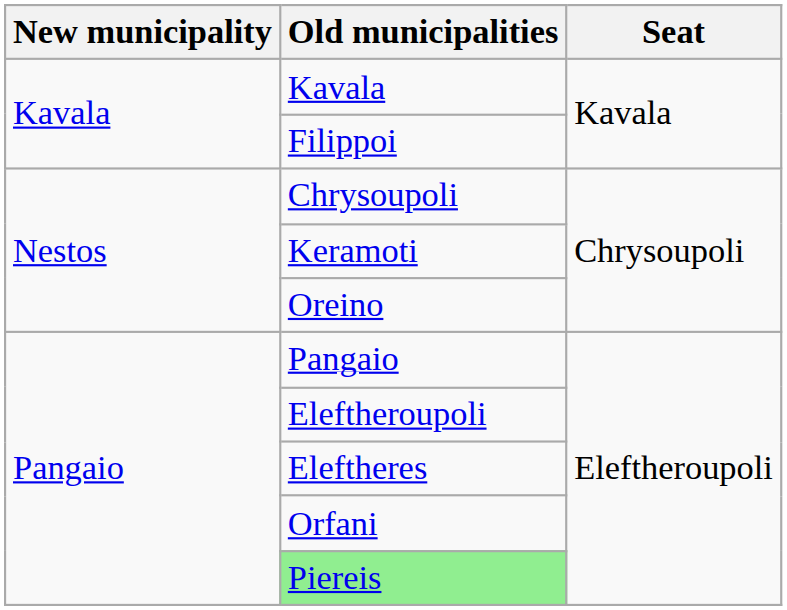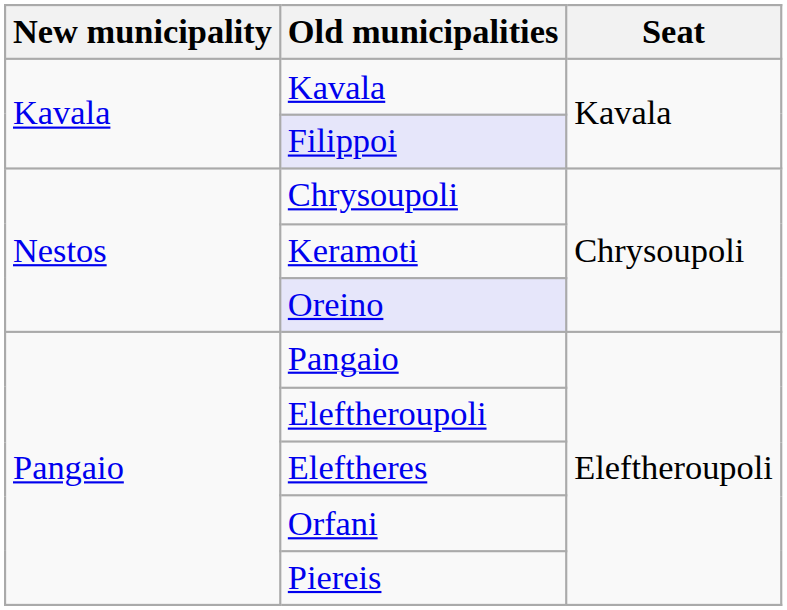 <table class="wikitable">
 <tr>
 <th>New municipality</th>
 <th>Old municipalities</th>
 <th>Seat</th>
 </tr>
 <tr>
 <td rowspan=2><a href='#'>Kavala</a></td>
 <td><a href='#'>Kavala</a></td>
 <td rowspan=2>Kavala</td>
 </tr>
 <tr>
-<td><a href='#'>Filippoi</a></td>
+<td style="background: lavender;"><a href='#'>Filippoi</a></td>
 </tr>
 <tr>
 <td rowspan=3><a href='#'>Nestos</a></td>
 <td><a href='#'>Chrysoupoli</a></td>
 <td rowspan=3>Chrysoupoli</td>
 </tr>
 <tr>
 <td><a href='#'>Keramoti</a></td>
 </tr>
 <tr>
-<td><a href='#'>Oreino</a></td>
+<td style="background: lavender;"><a href='#'>Oreino</a></td>
 </tr>
 <tr>
 <td rowspan=5><a href='#'>Pangaio</a></td>
 <td><a href='#'>Pangaio</a></td>
 <td rowspan=5>Eleftheroupoli</td>
 </tr>
 <tr>
 <td><a href='#'>Eleftheroupoli</a></td>
 </tr>
 <tr>
 <td><a href='#'>Eleftheres</a></td>
 </tr>
 <tr>
 <td><a href='#'>Orfani</a></td>
 </tr>
 <tr>
-<td style="background: lightgreen;"><a href='#'>Piereis</a></td>
+<td><a href='#'>Piereis</a></td>
 </tr>
 </table>
